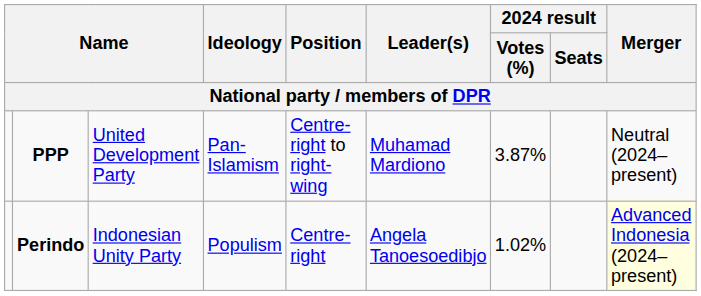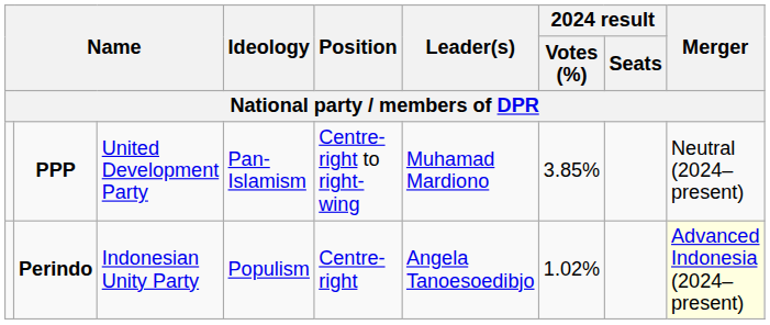 <table class="wikitable" style="width:73%;">
 <tr>
 <th colspan="3" rowspan="2">Name</th>
 <th rowspan="2">Ideology</th>
 <th rowspan="2">Position</th>
 <th rowspan="2">Leader(s)</th>
 <th colspan="2">2024 result</th>
 <th rowspan="2">Merger</th>
 </tr>
 <tr>
 <th>Votes (%)</th>
 <th>Seats</th>
 </tr>
 <tr>
 <th colspan="9">National party / members of <a href='#'>DPR</a></th>
 </tr>
 <tr>
 <td style="background:"></td>
 <td style="text-align:center;"><strong>PPP</strong></td>
 <td><a href='#'>United Development Party</a><br></td>
 <td><a href='#'>Pan-Islamism</a></td>
 <td><a href='#'>Centre-right</a> to <a href='#'>right-wing</a></td>
 <td><a href='#'>Muhamad Mardiono</a></td>
-<td style="text-align:center;">3.87%</td>
+<td style="text-align:center;">3.85%</td>
 <td></td>
 <td>Neutral (2024–present)</td>
 </tr>
 <tr>
 <td style="background:"></td>
 <td style="text-align:center;"><strong>Perindo</strong></td>
 <td><a href='#'>Indonesian Unity Party</a><br></td>
 <td><a href='#'>Populism</a></td>
 <td><a href='#'>Centre-right</a></td>
 <td><a href='#'>Angela Tanoesoedibjo</a></td>
 <td style="text-align:center;">1.02%</td>
 <td></td>
 <td style="background: lightyellow;"><a href='#'>Advanced Indonesia</a> (2024–present)</td>
 </tr>
 </table>
